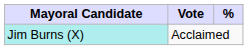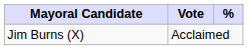 <table class="wikitable">
 <tr>
 <th style="background:#ddf; width:200px;">Mayoral Candidate </th>
 <th style="background:#ddf; width:50px;">Vote</th>
 <th style="background:#ddf; width:30px;">%</th>
 </tr>
 <tr>
-<td style="background: paleturquoise;">Jim Burns (X)</td>
+<td>Jim Burns (X)</td>
 <td colspan="2">Acclaimed</td>
 </tr>
 </table>
